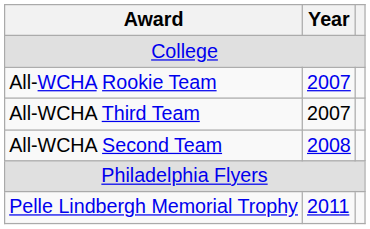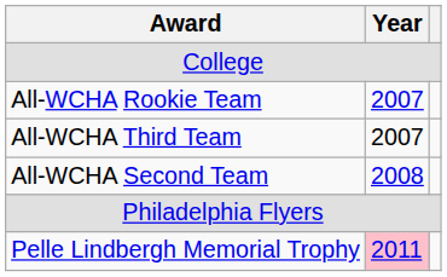 <table class="wikitable">
 <tr>
 <th>Award</th>
 <th>Year</th>
 <th></th>
 </tr>
 <tr ALIGN="center" bgcolor="#e0e0e0">
 <td colspan="3"><a href='#'>College</a></td>
 </tr>
 <tr>
 <td>All-<a href='#'>WCHA</a> <a href='#'>Rookie Team</a></td>
 <td><a href='#'>2007</a></td>
 <td></td>
 </tr>
 <tr>
 <td>All-WCHA <a href='#'>Third Team</a></td>
 <td>2007</td>
 <td></td>
 </tr>
 <tr>
 <td>All-WCHA <a href='#'>Second Team</a></td>
 <td><a href='#'>2008</a></td>
 <td></td>
 </tr>
 <tr ALIGN="center" bgcolor="#e0e0e0">
 <td colspan="3"><a href='#'>Philadelphia Flyers</a></td>
 </tr>
 <tr>
 <td><a href='#'>Pelle Lindbergh Memorial Trophy</a></td>
-<td><a href='#'>2011</a></td>
+<td style="background: pink;"><a href='#'>2011</a></td>
 <td></td>
 </tr>
 </table>
